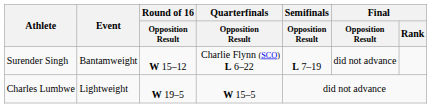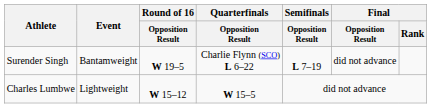 <table class=wikitable style="font-size:90%">
 <tr>
 <th rowspan="2">Athlete</th>
 <th rowspan="2">Event</th>
 <th>Round of 16</th>
 <th>Quarterfinals</th>
 <th>Semifinals</th>
 <th colspan="2">Final</th>
 </tr>
 <tr>
 <th style="line-height:1em"><small>Opposition<br>Result</small></th>
 <th style="line-height:1em"><small>Opposition<br>Result</small></th>
 <th style="line-height:1em"><small>Opposition<br>Result</small></th>
 <th style="line-height:1em"><small>Opposition<br>Result</small></th>
 <th>Rank</th>
 </tr>
 <tr>
 <td>Surender Singh</td>
 <td>Bantamweight</td>
-<td align="center"><br><strong>W</strong> 15–12</td>
+<td align="center"><br><strong>W</strong> 19–5</td>
 <td align="center"> Charlie Flynn <small>(<a href='#'>SCO</a>)</small><br><strong>L</strong> 6–22</td>
 <td align="center"><br><strong>L</strong> 7–19</td>
 <td align="center">did not advance</td>
 <td align="center"></td>
 </tr>
 <tr>
 <td>Charles Lumbwe</td>
 <td>Lightweight</td>
-<td align="center"><br><strong>W</strong> 19–5</td>
+<td align="center"><br><strong>W</strong> 15–12</td>
 <td align="center"><br><strong>W</strong> 15–5</td>
 <td align="center" colspan=3>did not advance</td>
 </tr>
 </table>
